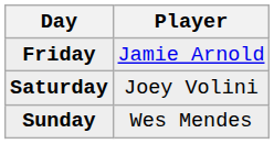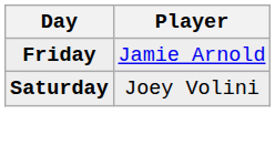 <table class="wikitable non-sortable">
 <tr>
 <th style="text-align:center; ">Day</th>
 <th style="text-align:center; ">Player</th>
 </tr>
 <tr style="background:#eeeeee;text-align:center;">
 <td><strong>Friday</strong></td>
 <td><a href='#'>Jamie Arnold</a></td>
 </tr>
 <tr style="background:#eeeeee;text-align:center;">
 <td><strong>Saturday</strong></td>
 <td>Joey Volini</td>
 </tr>
-<tr style="background:#eeeeee;text-align:center;">
-<td><strong>Sunday</strong></td>
-<td>Wes Mendes</td>
-</tr>
 </table>
